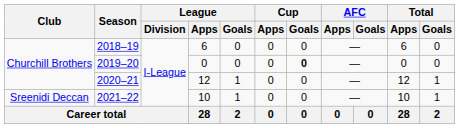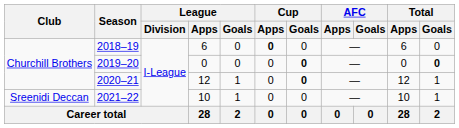 <table class=wikitable style=text-align:center>
 <tr>
 <th rowspan="2">Club</th>
 <th rowspan="2">Season</th>
 <th colspan="3">League</th>
 <th colspan="2">Cup</th>
 <th colspan="2"><a href='#'>AFC</a></th>
 <th colspan="2">Total</th>
 </tr>
 <tr>
 <th>Division</th>
 <th>Apps</th>
 <th>Goals</th>
 <th>Apps</th>
 <th>Goals</th>
 <th>Apps</th>
 <th>Goals</th>
 <th>Apps</th>
 <th>Goals</th>
 </tr>
 <tr>
 <td rowspan="3"><a href='#'>Churchill Brothers</a></td>
 <td><a href='#'>2018–19</a></td>
 <td rowspan="4"><a href='#'>I-League</a></td>
 <td>6</td>
 <td>0</td>
-<td>0</td>
+<td><strong>0</strong></td>
 <td>0</td>
 <td colspan="2">—</td>
 <td>6</td>
 <td>0</td>
 </tr>
 <tr>
 <td><a href='#'>2019–20</a></td>
 <td>0</td>
 <td>0</td>
 <td>0</td>
 <td><strong>0</strong></td>
 <td colspan="2">—</td>
 <td>0</td>
-<td>0</td>
+<td><strong>0</strong></td>
 </tr>
 <tr>
 <td><a href='#'>2020–21</a></td>
 <td>12</td>
 <td>1</td>
 <td>0</td>
-<td>0</td>
+<td><strong>0</strong></td>
 <td colspan="2">—</td>
 <td>12</td>
 <td>1</td>
 </tr>
 <tr>
 <td rowspan="1"><a href='#'>Sreenidi Deccan</a></td>
 <td><a href='#'>2021–22</a></td>
 <td>10</td>
 <td>1</td>
 <td>0</td>
 <td>0</td>
 <td colspan="2">—</td>
 <td>10</td>
 <td>1</td>
 </tr>
 <tr>
 <th colspan="3">Career total</th>
 <th>28</th>
 <th>2</th>
 <th>0</th>
 <th>0</th>
 <th>0</th>
 <th>0</th>
 <th>28</th>
 <th>2</th>
 </tr>
 </table>
